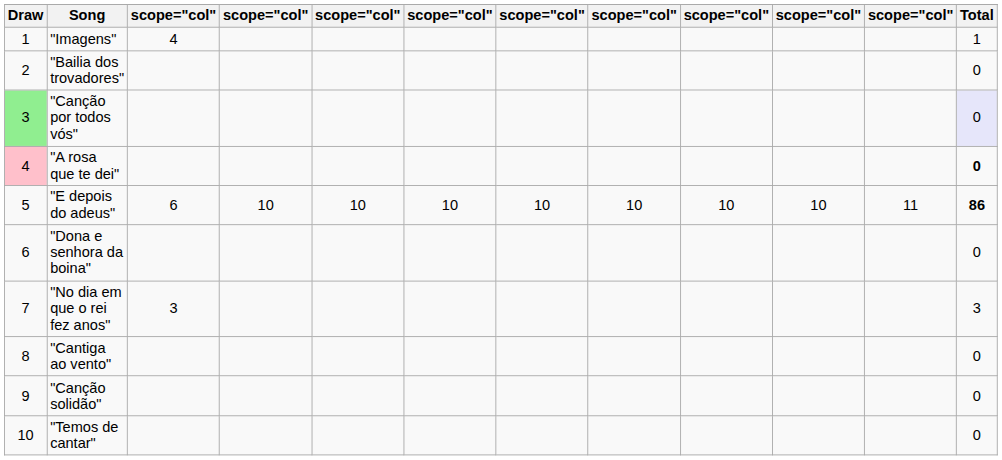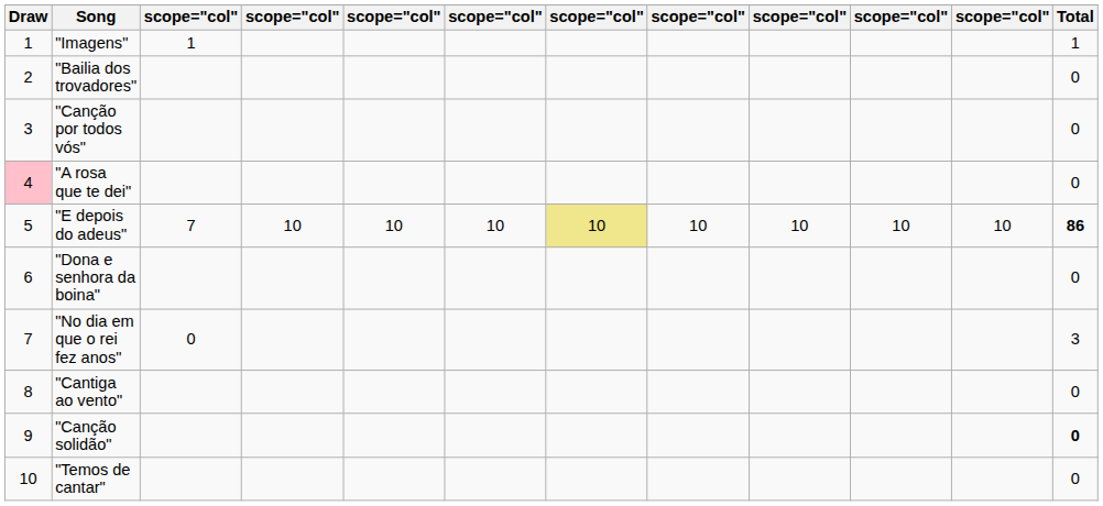 <table class="wikitable plainrowheaders" style="margin: 1em auto 1em auto; text-align:center;">
 <tr>
 </tr>
 <tr>
 <th scope="col">Draw</th>
 <th scope="col">Song</th>
 <th>scope="col" </th>
 <th>scope="col" </th>
 <th>scope="col" </th>
 <th>scope="col" </th>
 <th>scope="col" </th>
 <th>scope="col" </th>
 <th>scope="col" </th>
 <th>scope="col" </th>
 <th>scope="col" </th>
 <th scope="col">Total</th>
 </tr>
 <tr>
 <td>1</td>
 <td align="left">"Imagens"</td>
-<td>4</td>
+<td>1</td>
 <td></td>
 <td></td>
 <td></td>
 <td></td>
 <td></td>
 <td></td>
 <td></td>
 <td></td>
 <td>1</td>
 </tr>
 <tr>
 <td>2</td>
 <td align="left">"Bailia dos trovadores"</td>
 <td></td>
 <td></td>
 <td></td>
 <td></td>
 <td></td>
 <td></td>
 <td></td>
 <td></td>
 <td></td>
 <td>0</td>
 </tr>
 <tr>
-<td style="background: lightgreen;">3</td>
+<td>3</td>
 <td align="left">"Canção por todos vós"</td>
 <td></td>
 <td></td>
 <td></td>
 <td></td>
 <td></td>
 <td></td>
 <td></td>
 <td></td>
 <td></td>
-<td style="background: lavender;">0</td>
+<td>0</td>
 </tr>
 <tr>
 <td style="background: pink;">4</td>
 <td align="left">"A rosa que te dei"</td>
 <td></td>
 <td></td>
 <td></td>
 <td></td>
 <td></td>
 <td></td>
 <td></td>
 <td></td>
 <td></td>
-<td><strong>0</strong></td>
+<td>0</td>
 </tr>
 <tr>
 <td>5</td>
 <td align="left">"E depois do adeus"</td>
-<td>6</td>
+<td>7</td>
+<td>10</td>
+<td>10</td>
+<td>10</td>
+<td style="background: khaki;">10</td>
 <td>10</td>
 <td>10</td>
 <td>10</td>
 <td>10</td>
-<td>10</td>
-<td>10</td>
-<td>10</td>
-<td>11</td>
 <td><strong>86</strong></td>
 </tr>
 <tr>
 <td>6</td>
 <td align="left">"Dona e senhora da boina"</td>
 <td></td>
 <td></td>
 <td></td>
 <td></td>
 <td></td>
 <td></td>
 <td></td>
 <td></td>
 <td></td>
 <td>0</td>
 </tr>
 <tr>
 <td>7</td>
 <td align="left">"No dia em que o rei fez anos"</td>
-<td>3</td>
+<td>0</td>
 <td></td>
 <td></td>
 <td></td>
 <td></td>
 <td></td>
 <td></td>
 <td></td>
 <td></td>
 <td>3</td>
 </tr>
 <tr>
 <td>8</td>
 <td align="left">"Cantiga ao vento"</td>
 <td></td>
 <td></td>
 <td></td>
 <td></td>
 <td></td>
 <td></td>
 <td></td>
 <td></td>
 <td></td>
 <td>0</td>
 </tr>
 <tr>
 <td>9</td>
 <td align="left">"Canção solidão"</td>
 <td></td>
 <td></td>
 <td></td>
 <td></td>
 <td></td>
 <td></td>
 <td></td>
 <td></td>
 <td></td>
-<td>0</td>
+<td><strong>0</strong></td>
 </tr>
 <tr>
 <td>10</td>
 <td align="left">"Temos de cantar"</td>
 <td></td>
 <td></td>
 <td></td>
 <td></td>
 <td></td>
 <td></td>
 <td></td>
 <td></td>
 <td></td>
 <td>0</td>
 </tr>
 </table>
